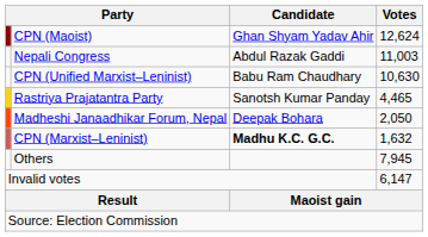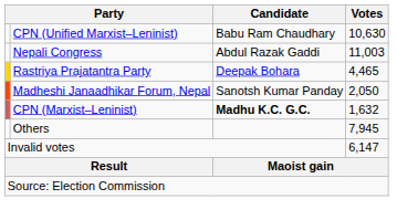 <table class="wikitable">
 <tr>
 <th colspan="2">Party</th>
 <th>Candidate</th>
 <th>Votes</th>
 </tr>
 <tr>
-<td style="background-color:darkred"></td>
-<td><a href='#'>CPN (Maoist)</a></td>
-<td><a href='#'>Ghan Shyam Yadav Ahir</a></td>
-<td>12,624</td>
+<td style="background-color:"></td>
+<td><a href='#'>CPN (Unified Marxist–Leninist)</a></td>
+<td>Babu Ram Chaudhary</td>
+<td>10,630</td>
 </tr>
 <tr>
 <td style="background-color:"></td>
 <td><a href='#'>Nepali Congress</a></td>
 <td>Abdul Razak Gaddi</td>
 <td>11,003</td>
 </tr>
 <tr>
-<td style="background-color:"></td>
-<td><a href='#'>CPN (Unified Marxist–Leninist)</a></td>
-<td>Babu Ram Chaudhary</td>
-<td>10,630</td>
-</tr>
-<tr>
 <td style="background-color:gold"></td>
 <td><a href='#'>Rastriya Prajatantra Party</a></td>
-<td>Sanotsh Kumar Panday</td>
+<td><a href='#'>Deepak Bohara</a></td>
 <td>4,465</td>
 </tr>
 <tr>
 <td style="background-color:orangered"></td>
 <td><a href='#'>Madheshi Janaadhikar Forum, Nepal</a></td>
-<td><a href='#'>Deepak Bohara</a></td>
+<td>Sanotsh Kumar Panday</td>
 <td>2,050</td>
 </tr>
 <tr>
 <td style="background-color:indianred"></td>
 <td><a href='#'>CPN (Marxist–Leninist)</a></td>
 <td><strong>Madhu K.C. G.C.</strong></td>
 <td>1,632</td>
 </tr>
 <tr>
 <td></td>
 <td>Others</td>
 <td></td>
 <td>7,945</td>
 </tr>
 <tr>
 <td colspan="3">Invalid votes</td>
 <td>6,147</td>
 </tr>
 <tr>
 <th colspan="2">Result</th>
 <th colspan="2">Maoist gain</th>
 </tr>
 <tr>
 <td colspan="4">Source: Election Commission</td>
 </tr>
 </table>
